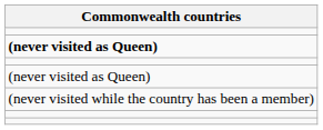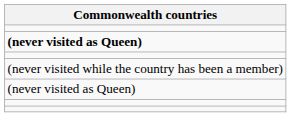 <table class="wikitable sortable" border="1" style="margin: 1em auto 1em auto">
 <tr>
 <th class="unsortable">Commonwealth countries</th>
 </tr>
 <tr>
 <td></td>
 </tr>
 <tr>
 <td><strong> (never visited as Queen)</strong></td>
 </tr>
 <tr>
 <td></td>
 </tr>
 <tr>
-<td> (never visited as Queen)</td>
+<td> (never visited while the country has been a member)</td>
 </tr>
 <tr>
-<td> (never visited while the country has been a member)</td>
+<td> (never visited as Queen)</td>
 </tr>
 <tr>
 <td></td>
 </tr>
 <tr>
 <td></td>
 </tr>
 </table>
